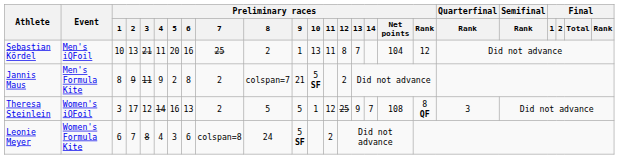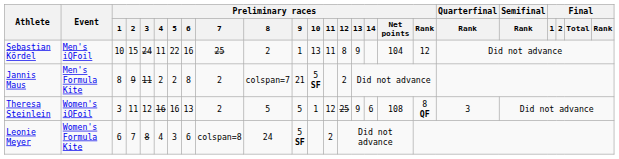 <table class="wikitable" style="font-size:90%">
 <tr>
 <th rowspan="2">Athlete</th>
 <th rowspan="2">Event</th>
 <th colspan=16>Preliminary races</th>
 <th>Quarterfinal</th>
 <th>Semifinal</th>
 <th colspan=4>Final</th>
 </tr>
 <tr style="font-size:95%">
 <th>1</th>
 <th>2</th>
 <th>3</th>
 <th>4</th>
 <th>5</th>
 <th>6</th>
 <th>7</th>
 <th>8</th>
 <th>9</th>
 <th>10</th>
 <th>11</th>
 <th>12</th>
 <th>13</th>
 <th>14</th>
 <th>Net points</th>
 <th>Rank</th>
 <th>Rank</th>
 <th>Rank</th>
 <th>1</th>
 <th>2</th>
 <th>Total</th>
 <th>Rank</th>
 </tr>
 <tr align=center>
 <td align=left><a href='#'>Sebastian Kördel</a></td>
 <td align=left><a href='#'>Men's iQFoil</a></td>
 <td>10</td>
-<td>13</td>
-<td><s>21</s></td>
+<td>15</td>
+<td><s>24</s></td>
 <td>11</td>
-<td>20</td>
+<td>22</td>
 <td>16</td>
 <td><s>25<br></s></td>
 <td>2<br></td>
 <td>1</td>
 <td>13</td>
 <td>11</td>
 <td>8</td>
-<td>7</td>
+<td>9</td>
 <td></td>
 <td>104</td>
 <td>12</td>
 <td colspan=17>Did not advance</td>
 </tr>
 <tr align=center>
 <td align=left><a href='#'>Jannis Maus</a></td>
 <td align=left><a href='#'>Men's Formula Kite</a></td>
 <td>8</td>
 <td><s>9</s></td>
 <td><s>11</s></td>
-<td>9</td>
+<td>2</td>
 <td>2</td>
 <td>8</td>
 <td>2</td>
 <td>colspan=7 </td>
 <td>21</td>
 <td>5 <strong>SF</strong></td>
 <td></td>
 <td>2</td>
 <td colspan=4>Did not advance</td>
 </tr>
 <tr align=center>
 <td align=left><a href='#'>Theresa Steinlein</a></td>
 <td align=left><a href='#'>Women's iQFoil</a></td>
 <td>3</td>
-<td>17</td>
+<td>11</td>
 <td>12</td>
-<td><s>14</s></td>
+<td><s>16</s></td>
 <td>16</td>
 <td>13</td>
 <td>2</td>
 <td>5</td>
 <td>5</td>
 <td>1</td>
 <td>12</td>
 <td><s>25<br></s></td>
 <td>9</td>
-<td>7</td>
+<td>6</td>
 <td>108</td>
 <td>8 <strong>QF</strong></td>
 <td>3</td>
 <td colspan=16>Did not advance</td>
 </tr>
 <tr align=center>
 <td align=left><a href='#'>Leonie Meyer</a></td>
 <td align=left><a href='#'>Women's Formula Kite</a></td>
 <td>6</td>
 <td>7</td>
 <td><s>8</s></td>
 <td>4</td>
 <td>3</td>
 <td>6</td>
 <td>colspan=8 </td>
 <td>24</td>
 <td>5 <strong>SF</strong></td>
 <td></td>
 <td>2</td>
 <td colspan=4>Did not advance</td>
 </tr>
 </table>
